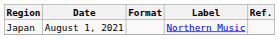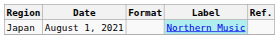 <table class="wikitable sortable plainrowheaders">
 <tr>
 <th scope="col">Region</th>
 <th scope="col">Date</th>
 <th scope="col">Format</th>
 <th scope="col">Label</th>
 <th scope="col">Ref.</th>
 </tr>
 <tr>
 <td rowspan="1">Japan</td>
 <td>August 1, 2021</td>
 <td></td>
-<td rowspan="1"><a href='#'>Northern Music</a></td>
+<td rowspan="1" style="background: paleturquoise;"><a href='#'>Northern Music</a></td>
 <td></td>
 </tr>
 <tr>
 </tr>
 </table>
